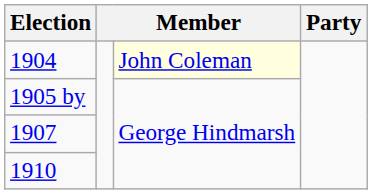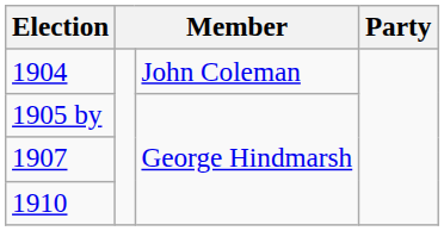 <table class="wikitable">
 <tr>
 <th>Election</th>
 <th colspan="2">Member</th>
 <th>Party</th>
 </tr>
 <tr>
 <td><a href='#'>1904</a></td>
 <td rowspan="4" > </td>
-<td style="background: lightyellow;"><a href='#'>John Coleman</a></td>
+<td><a href='#'>John Coleman</a></td>
 <td rowspan="4"></td>
 </tr>
 <tr>
 <td><a href='#'>1905 by</a></td>
 <td rowspan="3"><a href='#'>George Hindmarsh</a></td>
 </tr>
 <tr>
 <td><a href='#'>1907</a></td>
 </tr>
 <tr>
 <td><a href='#'>1910</a></td>
 </tr>
 </table>
